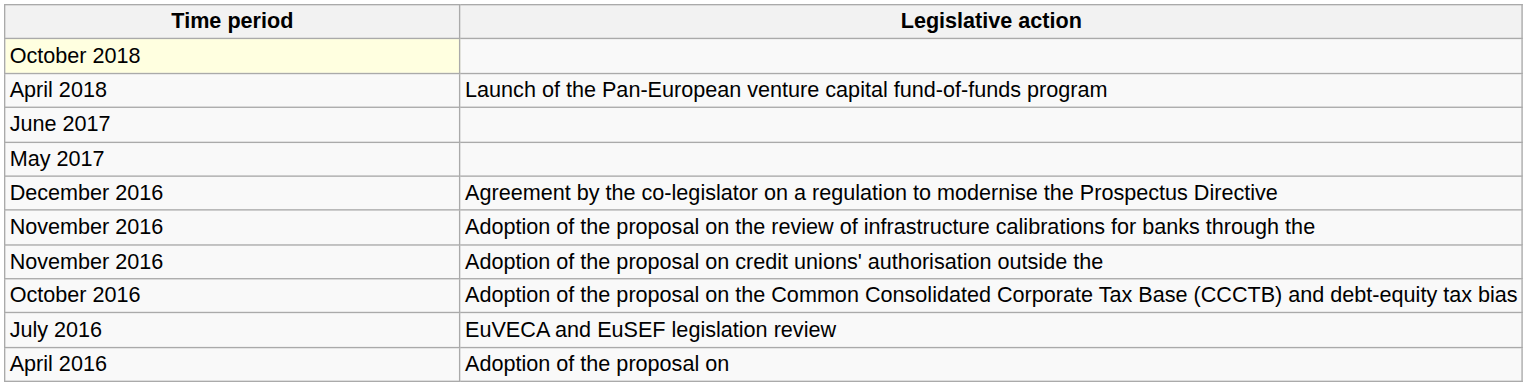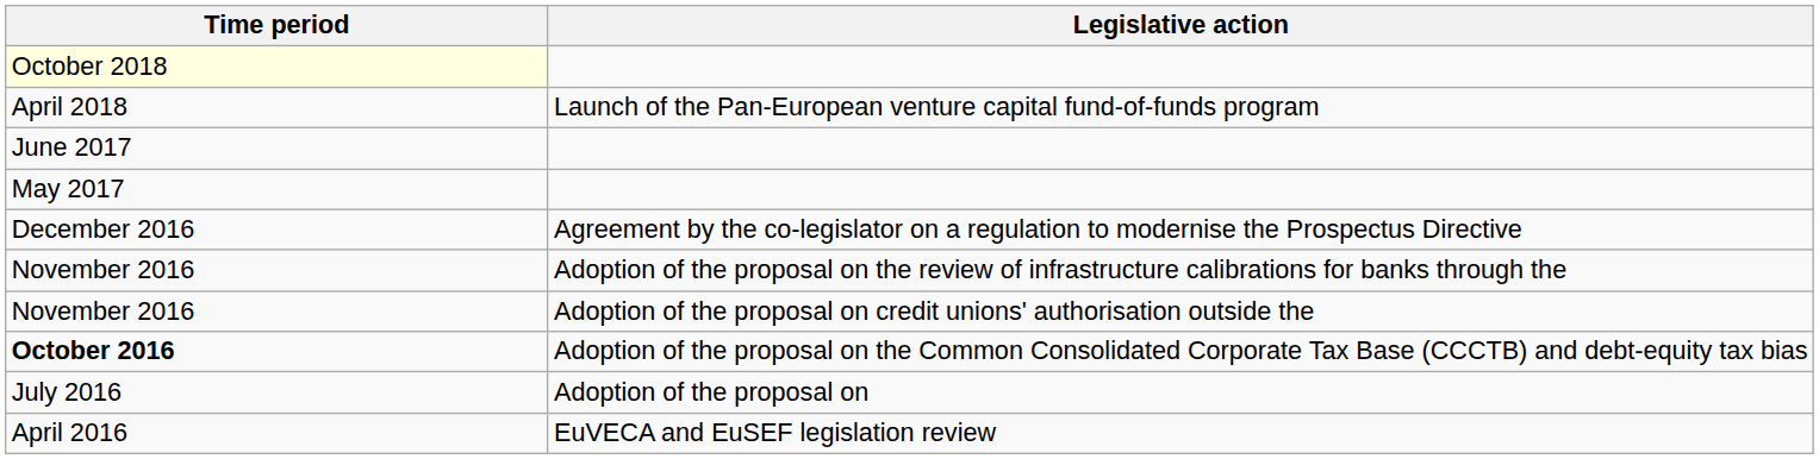 <table class="wikitable center">
 <tr>
 <th scope="col">Time period</th>
 <th scope="col">Legislative action</th>
 </tr>
 <tr>
 <td style="background: lightyellow;">October 2018</td>
 <td style="width:70%;"></td>
 </tr>
 <tr>
 <td>April 2018</td>
 <td style="width:70%;">Launch of the Pan-European venture capital fund-of-funds program</td>
 </tr>
 <tr>
 <td>June 2017</td>
 <td style="width:70%;"></td>
 </tr>
 <tr>
 <td>May 2017</td>
 <td style="width:70%;"></td>
 </tr>
 <tr>
 <td>December 2016</td>
 <td style="width:70%;">Agreement by the co-legislator on a regulation to modernise the Prospectus Directive</td>
 </tr>
 <tr>
 <td>November 2016</td>
 <td style="width:70%;">Adoption of the proposal on the review of infrastructure calibrations for banks through the </td>
 </tr>
 <tr>
 <td>November 2016</td>
 <td style="width:70%;">Adoption of the proposal on credit unions' authorisation outside the </td>
 </tr>
 <tr>
-<td>October 2016</td>
+<td><strong>October 2016</strong></td>
 <td style="width:70%;">Adoption of the proposal on the Common Consolidated Corporate Tax Base (CCCTB) and debt-equity tax bias</td>
 </tr>
 <tr>
 <td>July 2016</td>
-<td style="width:70%;">EuVECA and EuSEF legislation review</td>
+<td style="width:70%;">Adoption of the proposal on </td>
 </tr>
 <tr>
 <td>April 2016</td>
-<td style="width:70%;">Adoption of the proposal on </td>
+<td style="width:70%;">EuVECA and EuSEF legislation review</td>
 </tr>
 </table>
